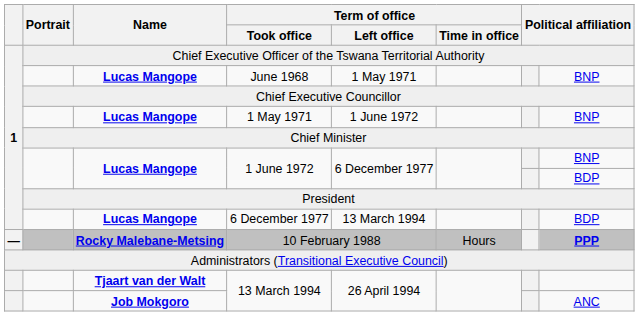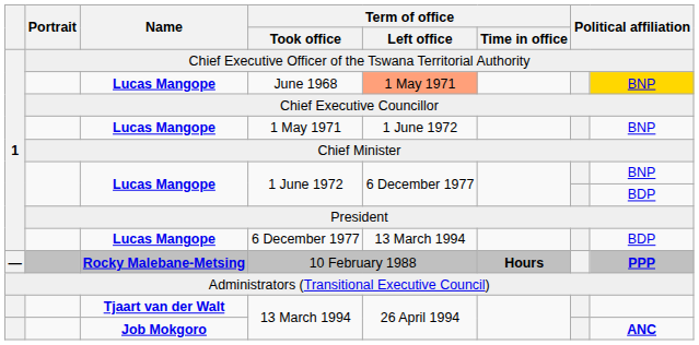 <table class="wikitable" style="font-size:80%;text-align:center">
 <tr>
 <th rowspan=2></th>
 <th rowspan=2>Portrait</th>
 <th rowspan=2>Name<br></th>
 <th colspan=3>Term of office</th>
 <th rowspan=2 colspan=2>Political affiliation</th>
 </tr>
 <tr>
 <th>Took office</th>
 <th>Left office</th>
 <th>Time in office</th>
 </tr>
 <tr style="background:#efefef;">
 <th rowspan=9>1</th>
 <td colspan=8>Chief Executive Officer of the Tswana Territorial Authority</td>
 </tr>
 <tr>
 <td></td>
 <td><strong><a href='#'>Lucas Mangope</a></strong><br></td>
 <td>June 1968</td>
-<td>1 May 1971</td>
+<td style="background: lightsalmon;">1 May 1971</td>
 <td></td>
 <th style="background:"></th>
-<td><a href='#'>BNP</a></td>
+<td style="background: gold;"><a href='#'>BNP</a></td>
 </tr>
 <tr style="background:#efefef;">
 <td colspan=8>Chief Executive Councillor</td>
 </tr>
 <tr>
 <td></td>
 <td><strong><a href='#'>Lucas Mangope</a></strong><br></td>
 <td>1 May 1971</td>
 <td>1 June 1972</td>
 <td></td>
 <th style="background:"></th>
 <td><a href='#'>BNP</a></td>
 </tr>
 <tr style="background:#efefef;">
 <td colspan=8>Chief Minister</td>
 </tr>
 <tr>
 <td rowspan=2></td>
 <td rowspan=2><strong><a href='#'>Lucas Mangope</a></strong><br></td>
 <td rowspan=2>1 June 1972</td>
 <td rowspan=2>6 December 1977</td>
 <td rowspan=2></td>
 <th style="background:"></th>
 <td><a href='#'>BNP</a></td>
 </tr>
 <tr>
 <th style="background:"></th>
 <td><a href='#'>BDP</a><br></td>
 </tr>
 <tr style="background:#efefef;">
 <td colspan=8>President</td>
 </tr>
 <tr>
 <td></td>
 <td><strong><a href='#'>Lucas Mangope</a></strong><br></td>
 <td>6 December 1977</td>
 <td>13 March 1994<br></td>
 <td></td>
 <th style="background:"></th>
 <td><a href='#'>BDP</a></td>
 </tr>
 <tr style="background:#c0c0c0;">
 <th>—</th>
 <td></td>
 <td><strong><a href='#'>Rocky Malebane-Metsing</a></strong><br></td>
 <td colspan=2>10 February 1988</td>
-<td>Hours</td>
+<td><strong>Hours</strong></td>
 <th style="background:"></th>
 <td><strong><a href='#'>PPP</a></strong></td>
 </tr>
 <tr style="background:#efefef;">
 <td colspan=8>Administrators (<a href='#'>Transitional Executive Council</a>)</td>
 </tr>
 <tr>
 <th></th>
 <td></td>
 <td><strong><a href='#'>Tjaart van der Walt</a></strong><br></td>
 <td rowspan=2>13 March 1994</td>
 <td rowspan=2>26 April 1994</td>
 <td rowspan=2></td>
 <th></th>
 <td></td>
 </tr>
 <tr>
 <th></th>
 <td></td>
 <td><strong><a href='#'>Job Mokgoro</a></strong><br></td>
 <th style="background:"></th>
-<td><a href='#'>ANC</a></td>
+<td><strong><a href='#'>ANC</a></strong></td>
 </tr>
 </table>
